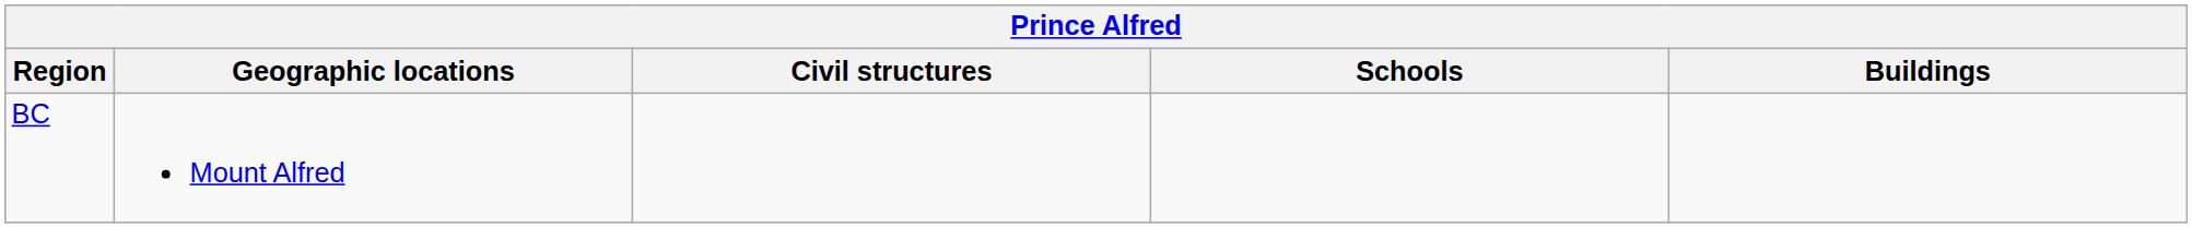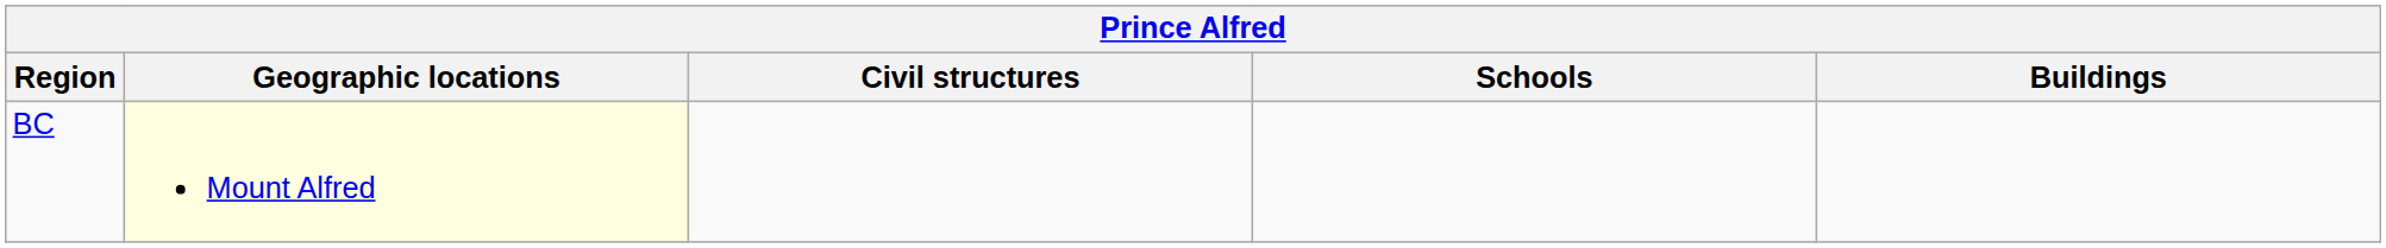 <table class="wikitable" width="100%">
 <tr>
 <th colspan="5"> <a href='#'>Prince Alfred</a></th>
 </tr>
 <tr>
 <th width="5%">Region</th>
 <th width="23.75%">Geographic locations</th>
 <th width="23.75%">Civil structures</th>
 <th width="23.75%">Schools</th>
 <th width="23.75%">Buildings</th>
 </tr>
 <tr>
 <td align=left valign=top> <a href='#'>BC</a></td>
-<td align=left valign=top><br><ul><li><a href='#'>Mount Alfred</a></li></ul></td>
+<td align=left valign=top style="background: lightyellow;"><br><ul><li><a href='#'>Mount Alfred</a></li></ul></td>
 <td></td>
 <td></td>
 <td></td>
 </tr>
 </table>
